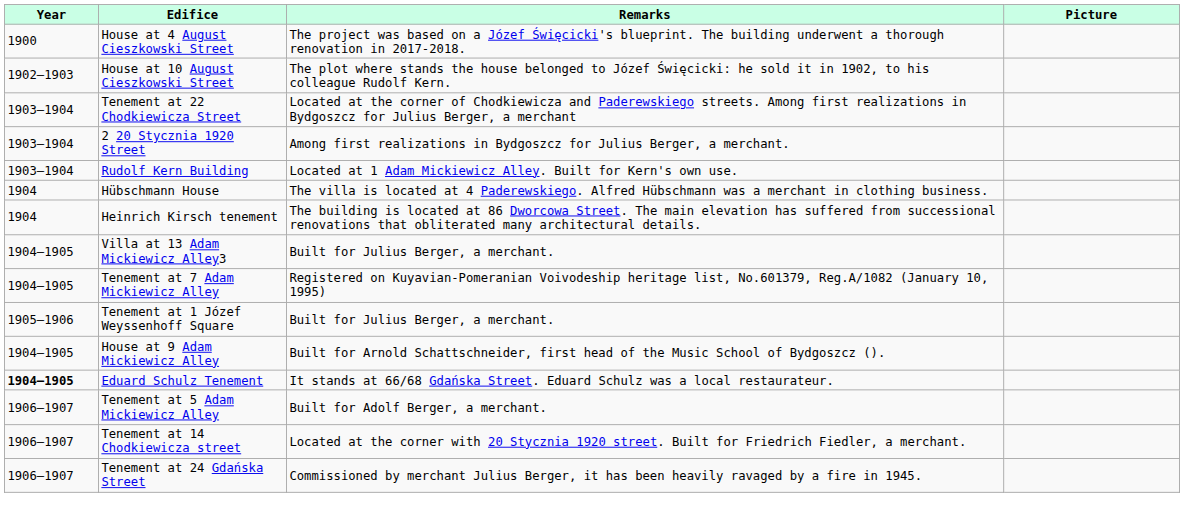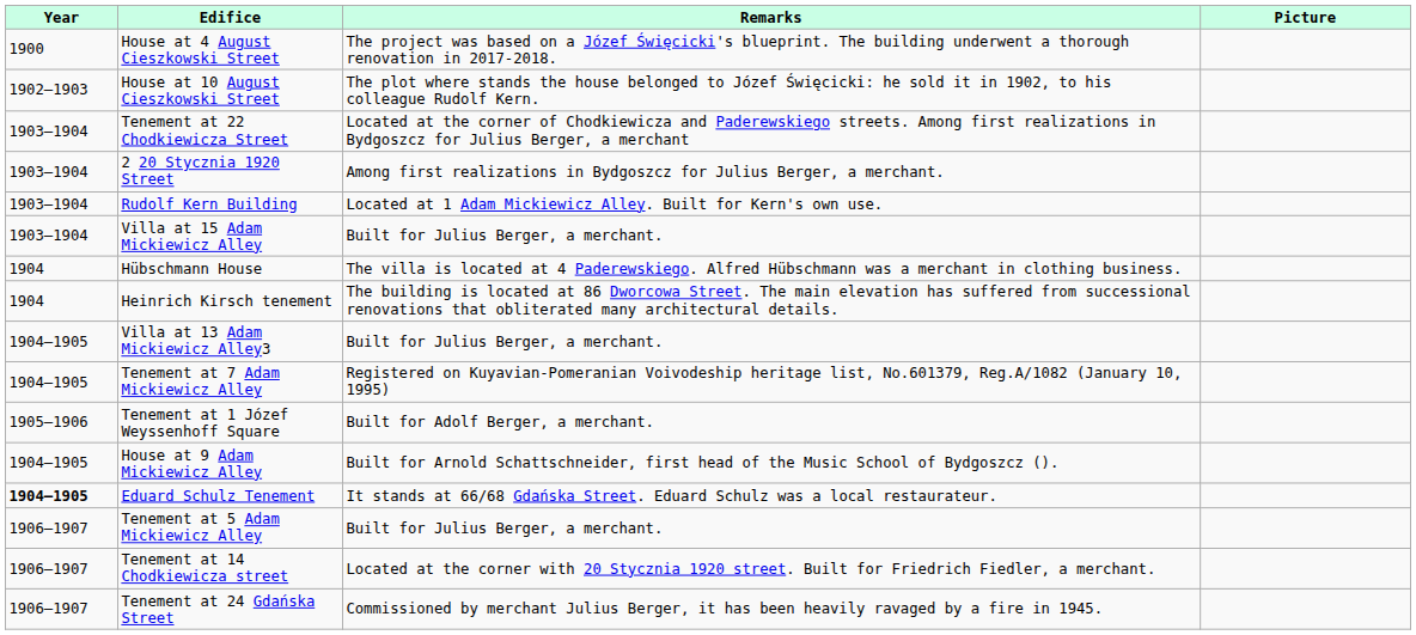 <table class="wikitable" style="flex:30em">
 <tr align="center" bgcolor="#C9FFE5">
 <td width=8%><strong>Year</strong></td>
 <td width=16%><strong>Edifice</strong></td>
 <td width=61%><strong>Remarks</strong></td>
 <td width=15%><strong>Picture</strong></td>
 </tr>
 <tr ----bgcolor="#FFFFFF">
 <td>1900</td>
 <td>House at 4 <a href='#'>August Cieszkowski Street</a></td>
 <td>The project was based on a <a href='#'>Józef Święcicki</a>'s blueprint. The building underwent a thorough renovation in 2017-2018.</td>
 <td></td>
 </tr>
 <tr ---->
 <td>1902–1903</td>
 <td>House at 10 <a href='#'>August Cieszkowski Street</a></td>
 <td>The plot where stands the house belonged to Józef Święcicki: he sold it in 1902, to his colleague Rudolf Kern.</td>
 <td></td>
 </tr>
 <tr ----bgcolor="#FFFFFF">
 <td>1903–1904</td>
 <td>Tenement at 22 <a href='#'>Chodkiewicza Street</a></td>
 <td>Located at the corner of Chodkiewicza and <a href='#'>Paderewskiego</a> streets. Among first realizations in Bydgoszcz for Julius Berger, a merchant</td>
 <td></td>
 </tr>
 <tr ---->
 <td>1903–1904</td>
 <td>2 <a href='#'>20 Stycznia 1920 Street</a></td>
 <td>Among first realizations in Bydgoszcz for Julius Berger, a merchant.</td>
 <td></td>
 </tr>
 <tr ----bgcolor="#FFFFFF">
 <td>1903–1904</td>
 <td><a href='#'>Rudolf Kern Building</a></td>
 <td>Located at 1 <a href='#'>Adam Mickiewicz Alley</a>. Built for Kern's own use.</td>
 <td></td>
 </tr>
+<tr ---->
+<td>1903–1904</td>
+<td>Villa at 15 <a href='#'>Adam Mickiewicz Alley</a></td>
+<td>Built for Julius Berger, a merchant.</td>
+<td></td>
+</tr>
 <tr ----bgcolor="#FFFFFF">
 <td>1904</td>
 <td>Hübschmann House</td>
 <td>The villa is located at 4 <a href='#'>Paderewskiego</a>. Alfred Hübschmann was a merchant in clothing business.</td>
 <td></td>
 </tr>
 <tr ---->
 <td>1904</td>
 <td>Heinrich Kirsch tenement</td>
 <td>The building is located at 86 <a href='#'>Dworcowa Street</a>. The main elevation has suffered from successional renovations that obliterated many architectural details.</td>
 <td></td>
 </tr>
 <tr ----bgcolor="#FFFFFF">
 <td>1904–1905</td>
 <td>Villa at 13 <a href='#'>Adam Mickiewicz Alley</a>3</td>
 <td>Built for Julius Berger, a merchant.</td>
 <td></td>
 </tr>
 <tr ---->
 <td>1904–1905</td>
 <td>Tenement at 7 <a href='#'>Adam Mickiewicz Alley</a></td>
 <td>Registered on Kuyavian-Pomeranian Voivodeship heritage list, No.601379, Reg.A/1082 (January 10, 1995)</td>
 <td></td>
 </tr>
 <tr ----bgcolor="#FFFFFF">
 <td>1905–1906</td>
 <td>Tenement at 1 Józef Weyssenhoff Square</td>
-<td>Built for Julius Berger, a merchant.</td>
+<td>Built for Adolf Berger, a merchant.</td>
 <td></td>
 </tr>
 <tr ---->
 <td>1904–1905</td>
 <td>House at 9 <a href='#'>Adam Mickiewicz Alley</a></td>
 <td>Built for Arnold Schattschneider, first head of the Music School of Bydgoszcz ().</td>
 <td></td>
 </tr>
 <tr ----bgcolor="#FFFFFF">
 <td><strong>1904–1905</strong></td>
 <td><a href='#'>Eduard Schulz Tenement</a></td>
 <td>It stands at 66/68 <a href='#'>Gdańska Street</a>. Eduard Schulz was a local restaurateur.</td>
 <td></td>
 </tr>
 <tr ---->
 <td>1906–1907</td>
 <td>Tenement at 5 <a href='#'>Adam Mickiewicz Alley</a></td>
-<td>Built for Adolf Berger, a merchant.</td>
+<td>Built for Julius Berger, a merchant.</td>
 <td></td>
 </tr>
 <tr ----bgcolor="#FFFFFF">
 <td>1906–1907</td>
 <td>Tenement at 14 <a href='#'>Chodkiewicza street</a></td>
 <td>Located at the corner with <a href='#'>20 Stycznia 1920 street</a>. Built for Friedrich Fiedler, a merchant.</td>
 <td></td>
 </tr>
 <tr ---->
 <td>1906–1907</td>
 <td>Tenement at 24 <a href='#'>Gdańska Street</a></td>
 <td>Commissioned by merchant Julius Berger, it has been heavily ravaged by a fire in 1945.</td>
 <td></td>
 </tr>
 </table>
